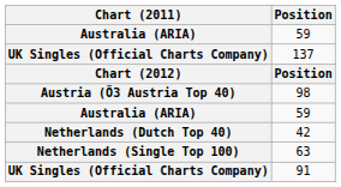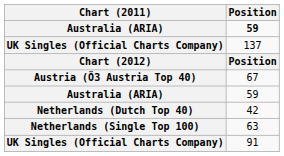 <table class="wikitable plainrowheaders">
 <tr>
 <th scope="col">Chart (2011)</th>
 <th scope="col">Position</th>
 </tr>
 <tr>
 <th scope="row">Australia (ARIA)</th>
-<td align="center">59</td>
+<td align="center"><strong>59</strong></td>
 </tr>
 <tr>
 <th scope="row">UK Singles (Official Charts Company)</th>
 <td align="center">137</td>
 </tr>
 <tr>
 <th scope="col">Chart (2012)</th>
 <th scope="col">Position</th>
 </tr>
 <tr>
 <th scope="row">Austria (Ö3 Austria Top 40)</th>
-<td align="center">98</td>
+<td align="center">67</td>
 </tr>
 <tr>
 <th scope="row">Australia (ARIA)</th>
 <td align="center">59</td>
 </tr>
 <tr>
 <th scope="row">Netherlands (Dutch Top 40)</th>
 <td align="center">42</td>
 </tr>
 <tr>
 <th scope="row">Netherlands (Single Top 100)</th>
 <td align="center">63</td>
 </tr>
 <tr>
 <th scope="row">UK Singles (Official Charts Company)</th>
 <td align="center">91</td>
 </tr>
 </table>
